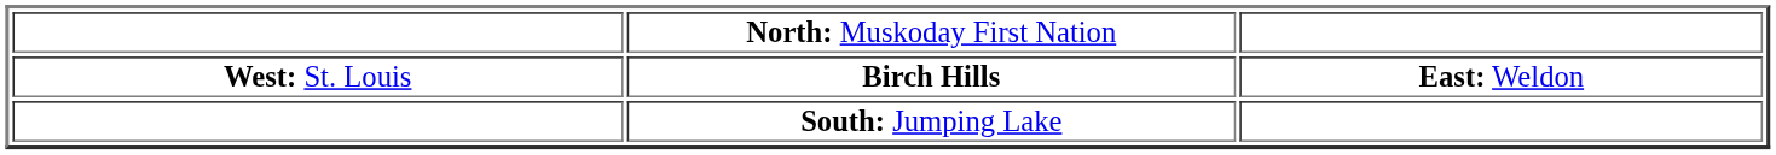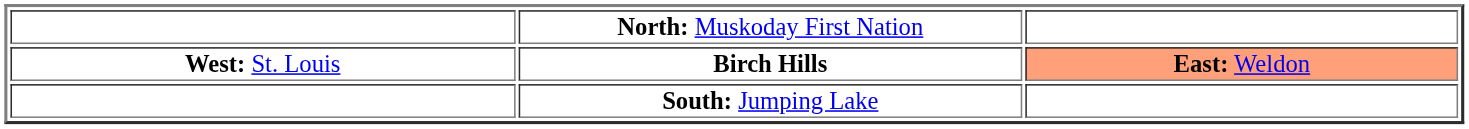 <table width="75%" border="2" align="center">
 <tr ---->
 <td width="35%" align="center"></td>
 <td width="30%" align="center"><strong>North:</strong> <a href='#'>Muskoday First Nation</a></td>
 <td width="35%" align="center"></td>
 </tr>
 <tr ---->
 <td width ="10%" align="center"><strong>West:</strong> <a href='#'>St. Louis</a></td>
 <td width ="35%" align="center"><strong>Birch Hills</strong></td>
-<td width ="30%" align="center"><strong>East:</strong> <a href='#'>Weldon</a></td>
+<td width ="30%" align="center" style="background: lightsalmon;"><strong>East:</strong> <a href='#'>Weldon</a></td>
 </tr>
 <tr ---->
 <td width ="35%" align="center"></td>
 <td width ="30%" align="center"><strong>South:</strong> <a href='#'>Jumping Lake</a></td>
 <td width ="35%" align="center"></td>
 </tr>
 </table>
